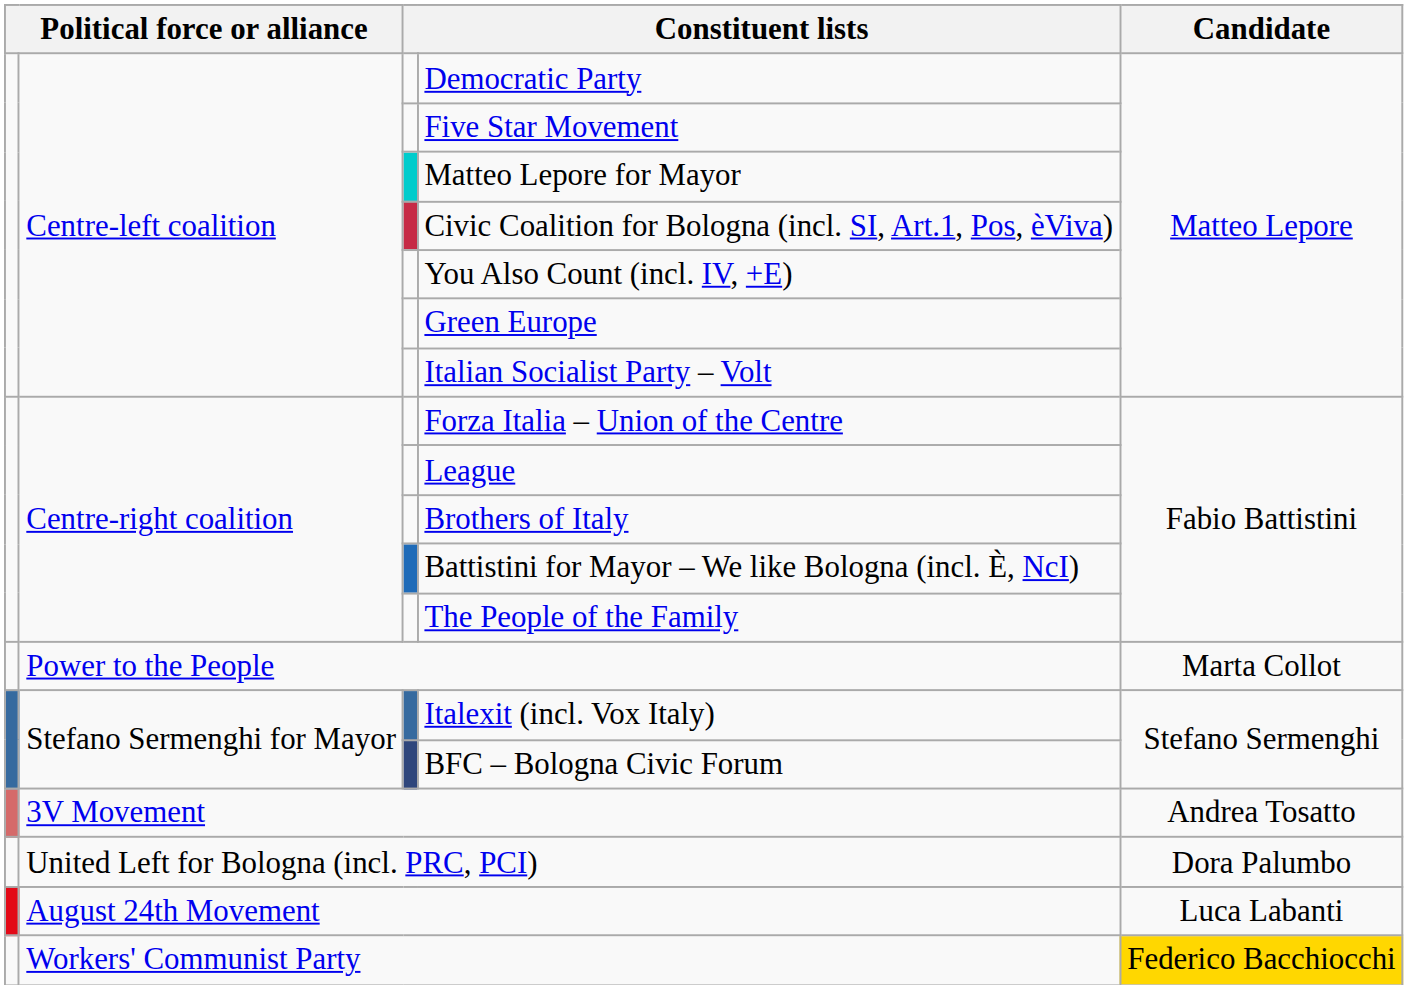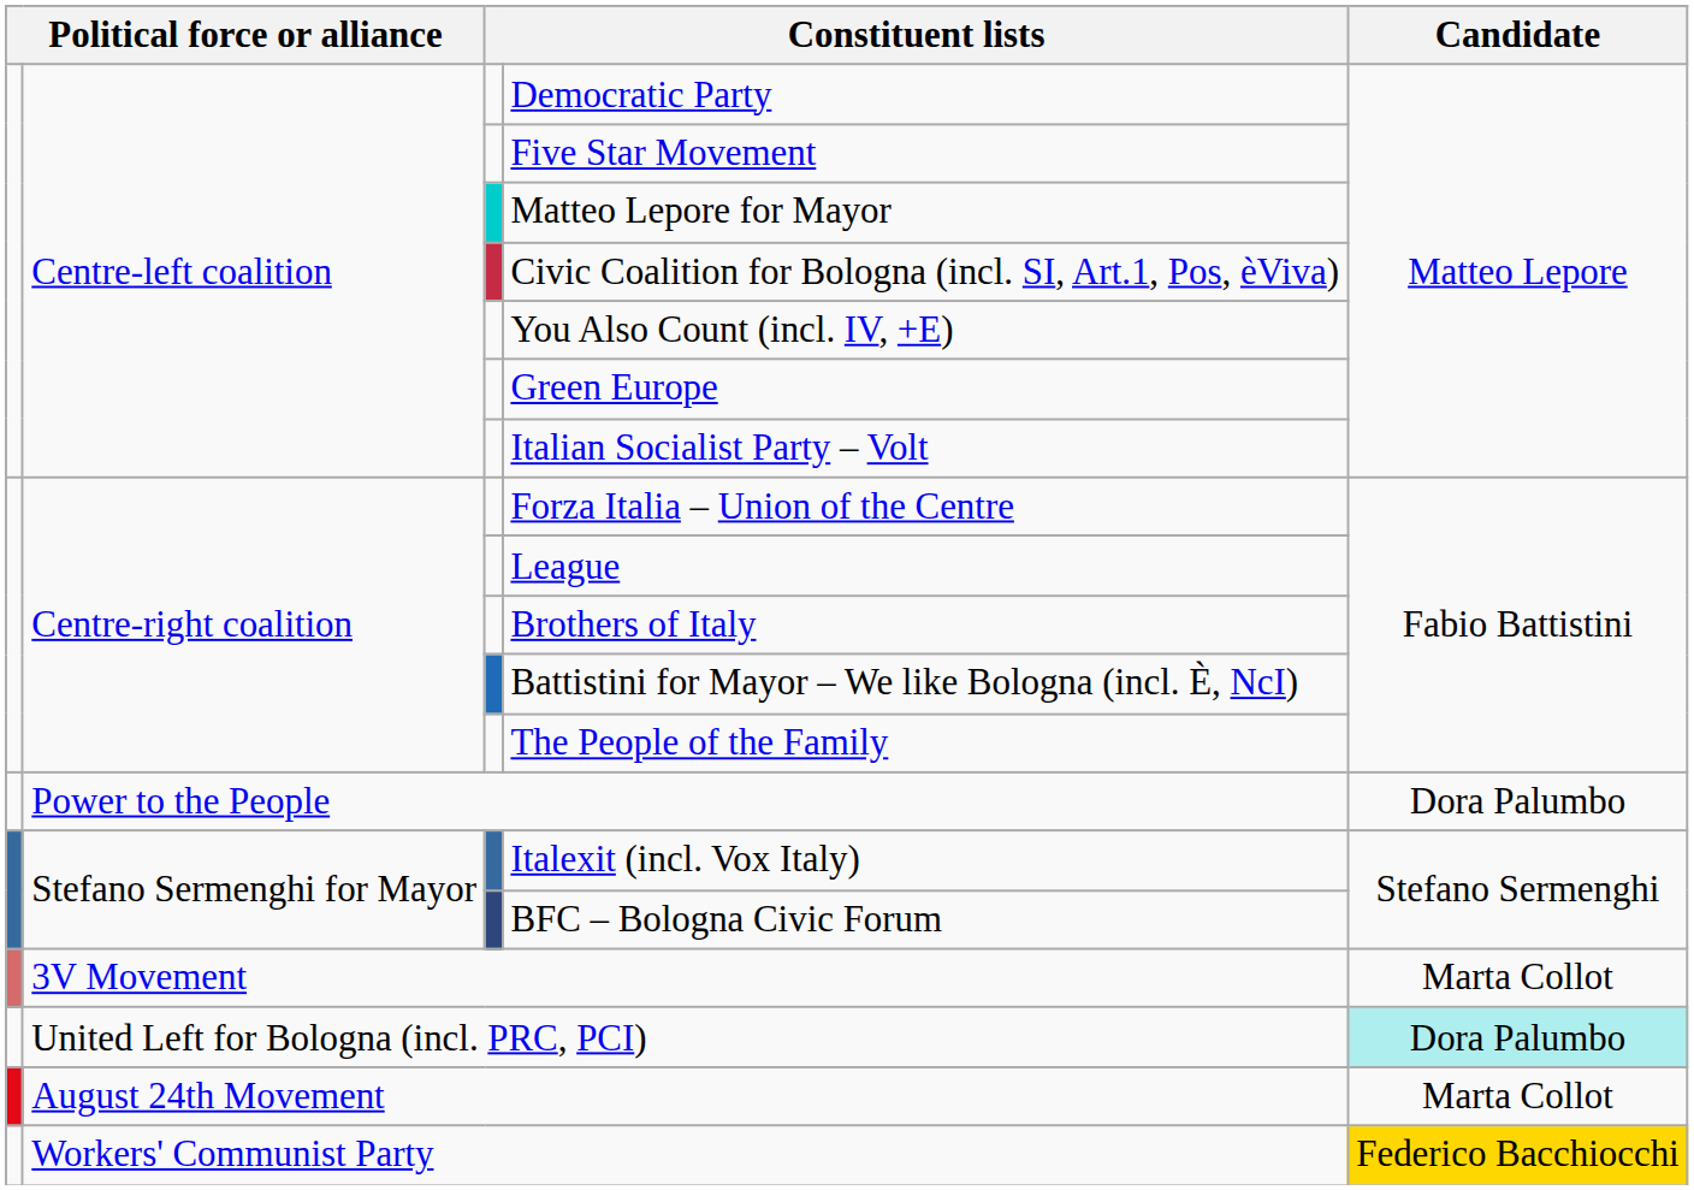 <table class=wikitable style="text-align:left">
 <tr>
 <th colspan=2>Political force or alliance</th>
 <th colspan=2>Constituent lists</th>
 <th>Candidate</th>
 </tr>
 <tr>
 <td rowspan="7" style="background-color:"></td>
 <td rowspan=7><a href='#'>Centre-left coalition</a></td>
 <td></td>
 <td style="text-align:left;"><a href='#'>Democratic Party</a></td>
 <td rowspan=7 style="text-align:center;"><a href='#'>Matteo Lepore</a></td>
 </tr>
 <tr>
 <td style="background-color:"></td>
 <td><a href='#'>Five Star Movement</a></td>
 </tr>
 <tr>
 <td bgcolor="#00CCCC"></td>
 <td style="text-align:left;">Matteo Lepore for Mayor</td>
 </tr>
 <tr>
 <td bgcolor="#C62B46"></td>
 <td style="text-align:left;">Civic Coalition for Bologna (incl. <a href='#'>SI</a>, <a href='#'>Art.1</a>, <a href='#'>Pos</a>, <a href='#'>èViva</a>)</td>
 </tr>
 <tr>
 <td></td>
 <td style="text-align:left;">You Also Count (incl. <a href='#'>IV</a>, <a href='#'>+E</a>)</td>
 </tr>
 <tr>
 <td></td>
 <td style="text-align:left;"><a href='#'>Green Europe</a></td>
 </tr>
 <tr>
 <td></td>
 <td style="text-align:left;"><a href='#'>Italian Socialist Party</a> – <a href='#'>Volt</a></td>
 </tr>
 <tr>
 <td rowspan="5" style="background:"></td>
 <td rowspan=5><a href='#'>Centre-right coalition</a></td>
 <td></td>
 <td style="text-align:left;"><a href='#'>Forza Italia</a> – <a href='#'>Union of the Centre</a></td>
 <td rowspan="5" style="text-align:center;">Fabio Battistini</td>
 </tr>
 <tr>
 <td></td>
 <td style="text-align:left;"><a href='#'>League</a></td>
 </tr>
 <tr>
 <td></td>
 <td style="text-align:left;"><a href='#'>Brothers of Italy</a></td>
 </tr>
 <tr>
 <td bgcolor="#1F6BB8"></td>
 <td style="text-align:left;">Battistini for Mayor – We like Bologna (incl. È, <a href='#'>NcI</a>)</td>
 </tr>
 <tr>
 <td></td>
 <td style="text-align:left;"><a href='#'>The People of the Family</a></td>
 </tr>
 <tr>
 <td></td>
 <td colspan="3"><a href='#'>Power to the People</a></td>
-<td style="text-align:center;">Marta Collot</td>
+<td style="text-align:center;">Dora Palumbo</td>
 </tr>
 <tr>
 <td rowspan="2" style="background-color:#366A9F"></td>
 <td rowspan=2 style="text-align:center;">Stefano Sermenghi for Mayor</td>
 <td style="background-color:#366A9F"></td>
 <td><a href='#'>Italexit</a> (incl. Vox Italy)</td>
 <td rowspan=2 style="text-align:center;">Stefano Sermenghi</td>
 </tr>
 <tr>
 <td style="background-color:#2f467c"></td>
 <td>BFC – Bologna Civic Forum</td>
 </tr>
 <tr>
 <td style="background-color:#D56A6A"></td>
 <td colspan="3"><a href='#'>3V Movement</a></td>
-<td style="text-align:center;">Andrea Tosatto</td>
+<td style="text-align:center;">Marta Collot</td>
 </tr>
 <tr>
 <td></td>
 <td colspan="3">United Left for Bologna (incl. <a href='#'>PRC</a>, <a href='#'>PCI</a>)</td>
-<td style="text-align:center;">Dora Palumbo</td>
+<td style="background: paleturquoise; text-align:center;">Dora Palumbo</td>
 </tr>
 <tr>
 <td style="background-color:#E30917"></td>
 <td colspan="3"><a href='#'>August 24th Movement</a></td>
-<td style="text-align:center;">Luca Labanti</td>
+<td style="text-align:center;">Marta Collot</td>
 </tr>
 <tr>
 <td style="background-color:"></td>
 <td colspan="3"><a href='#'>Workers' Communist Party</a></td>
 <td style="background: gold; text-align:center;">Federico Bacchiocchi</td>
 </tr>
 </table>
